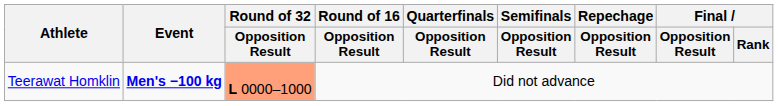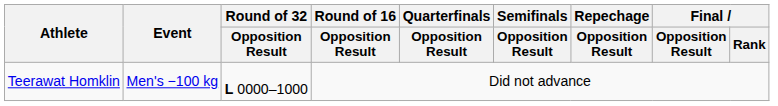 <table class="wikitable" style="font-size:90%">
 <tr>
 <th rowspan="2">Athlete</th>
 <th rowspan="2">Event</th>
 <th>Round of 32</th>
 <th>Round of 16</th>
 <th>Quarterfinals</th>
 <th>Semifinals</th>
 <th>Repechage</th>
 <th colspan=2>Final / </th>
 </tr>
 <tr style="font-size:95%">
 <th>Opposition<br>Result</th>
 <th>Opposition<br>Result</th>
 <th>Opposition<br>Result</th>
 <th>Opposition<br>Result</th>
 <th>Opposition<br>Result</th>
 <th>Opposition<br>Result</th>
 <th>Rank</th>
 </tr>
 <tr align=center>
 <td align=left><a href='#'>Teerawat Homklin</a></td>
-<td align=left><strong><a href='#'>Men's −100 kg</a></strong></td>
-<td style="background: lightsalmon;"><br><strong>L</strong> 0000–1000</td>
+<td align=left><a href='#'>Men's −100 kg</a></td>
+<td><br><strong>L</strong> 0000–1000</td>
 <td colspan=6>Did not advance</td>
 </tr>
 </table>
